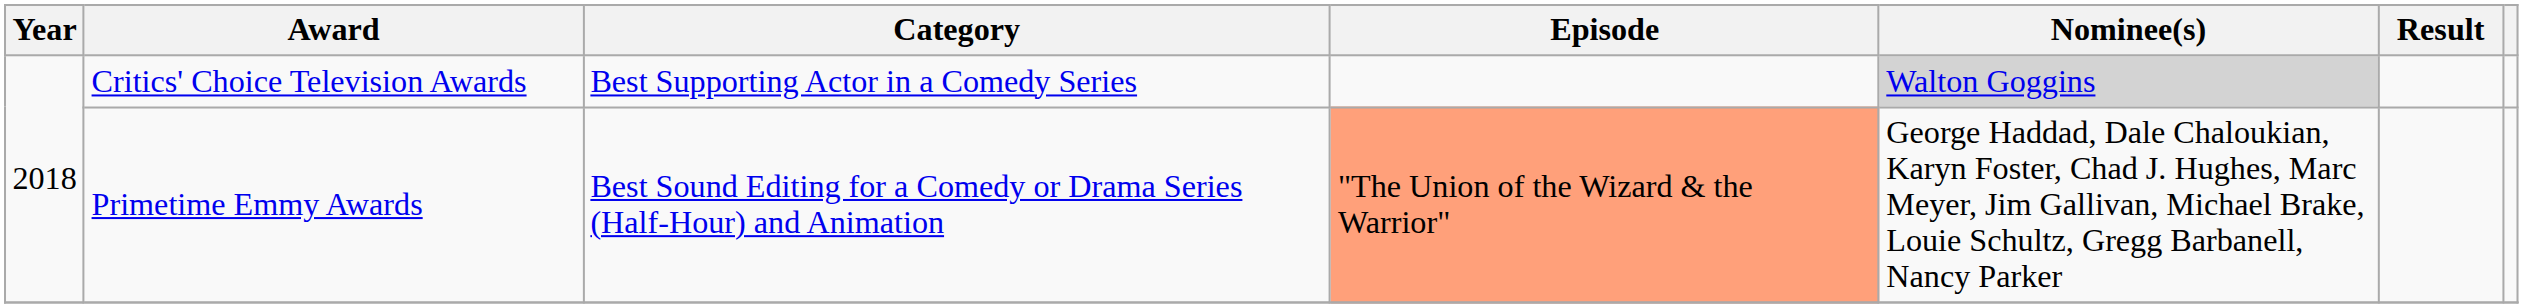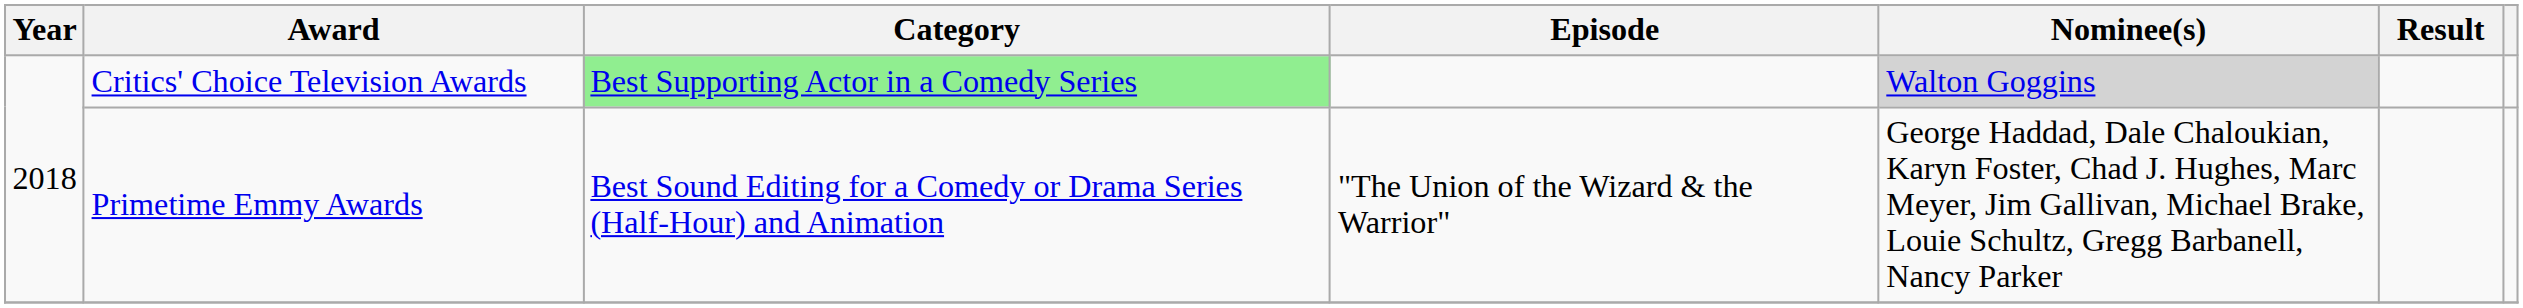 <table class="wikitable sortable plainrowheaders" style="width:99%;">
 <tr>
 <th width="3%">Year</th>
 <th width="20%">Award</th>
 <th width="30%">Category</th>
 <th width="22%">Episode</th>
 <th width="20%">Nominee(s)</th>
 <th width="6%">Result</th>
 <th scope="col" class="unsortable" width="3%"></th>
 </tr>
 <tr>
 <td rowspan="2">2018</td>
 <td><a href='#'>Critics' Choice Television Awards</a></td>
-<td><a href='#'>Best Supporting Actor in a Comedy Series</a></td>
+<td style="background: lightgreen;"><a href='#'>Best Supporting Actor in a Comedy Series</a></td>
 <td></td>
 <td style="background: lightgrey;"><a href='#'>Walton Goggins</a></td>
 <td></td>
 <td></td>
 </tr>
 <tr>
 <td><a href='#'>Primetime Emmy Awards</a></td>
 <td><a href='#'>Best Sound Editing for a Comedy or Drama Series (Half-Hour) and Animation</a></td>
-<td style="background: lightsalmon;">"The Union of the Wizard & the Warrior"</td>
+<td>"The Union of the Wizard & the Warrior"</td>
 <td>George Haddad, Dale Chaloukian, Karyn Foster, Chad J. Hughes, Marc Meyer, Jim Gallivan, Michael Brake, Louie Schultz, Gregg Barbanell, Nancy Parker</td>
 <td></td>
 <td></td>
 </tr>
 <tr>
 </tr>
 </table>
